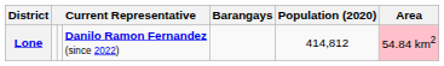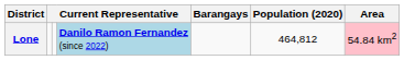 <table class="wikitable sortable" style="margin: 1em auto; font-size:100%; line-height:20px; text-align:center">
 <tr>
 <th>District</th>
 <th colspan="3">Current Representative</th>
 <th>Barangays</th>
 <th>Population (2020)</th>
 <th>Area</th>
 </tr>
 <tr>
 <th><a href='#'>Lone</a></th>
 <td style="background:"></td>
 <td></td>
-<td style="text-align:left;"><strong><a href='#'>Danilo Ramon Fernandez</a></strong><br><small>(since <a href='#'>2022</a>)</small></td>
+<td style="background: lightblue; text-align:left;"><strong><a href='#'>Danilo Ramon Fernandez</a></strong><br><small>(since <a href='#'>2022</a>)</small></td>
 <td></td>
-<td>414,812</td>
+<td>464,812</td>
 <td style="background: pink;">54.84 km<sup>2</sup></td>
 </tr>
 </table>
